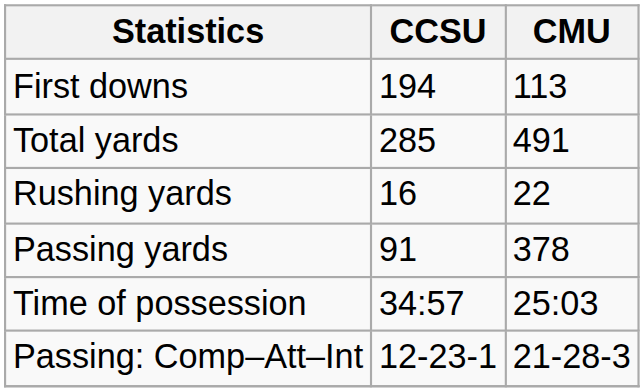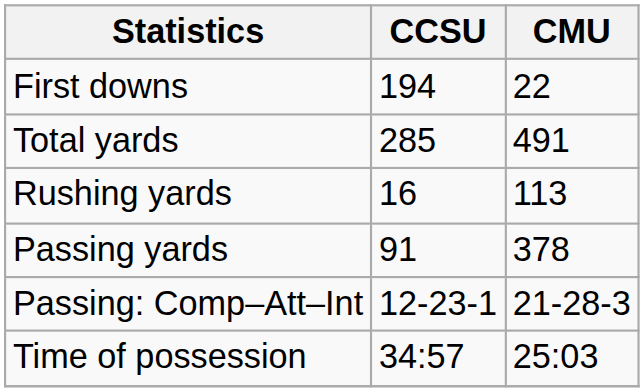 <table class="wikitable" style="float: left;">
 <tr>
 <th>Statistics</th>
 <th>CCSU</th>
 <th>CMU</th>
 </tr>
 <tr>
 <td>First downs</td>
 <td>194</td>
-<td>113</td>
+<td>22</td>
 </tr>
 <tr>
 <td>Total yards</td>
 <td>285</td>
 <td>491</td>
 </tr>
 <tr>
 <td>Rushing yards</td>
 <td>16</td>
-<td>22</td>
+<td>113</td>
 </tr>
 <tr>
 <td>Passing yards</td>
 <td>91</td>
 <td>378</td>
 </tr>
 <tr>
+<td>Passing: Comp–Att–Int</td>
+<td>12-23-1</td>
+<td>21-28-3</td>
+</tr>
+<tr>
 <td>Time of possession</td>
 <td>34:57</td>
 <td>25:03</td>
 </tr>
 <tr>
-<td>Passing: Comp–Att–Int</td>
-<td>12-23-1</td>
-<td>21-28-3</td>
-</tr>
-<tr>
 </tr>
 </table>
